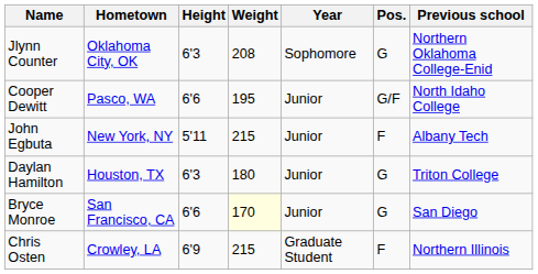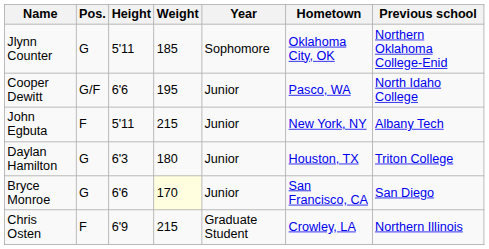 <table class="wikitable sortable" border="1">
 <tr align=center>
 <th>Name</th>
-<th>Hometown</th>
+<th>Pos.</th>
 <th>Height</th>
 <th>Weight</th>
 <th>Year</th>
-<th>Pos.</th>
+<th>Hometown</th>
 <th>Previous school</th>
 </tr>
 <tr>
 <td>Jlynn Counter</td>
+<td>G</td>
+<td>5'11</td>
+<td>185</td>
+<td>Sophomore</td>
 <td><a href='#'>Oklahoma City, OK</a></td>
-<td>6'3</td>
-<td>208</td>
-<td>Sophomore</td>
-<td>G</td>
 <td><a href='#'>Northern Oklahoma College-Enid</a></td>
 </tr>
 <tr>
 <td>Cooper Dewitt</td>
-<td><a href='#'>Pasco, WA</a></td>
+<td>G/F</td>
 <td>6'6</td>
 <td>195</td>
 <td>Junior</td>
-<td>G/F</td>
+<td><a href='#'>Pasco, WA</a></td>
 <td><a href='#'>North Idaho College</a></td>
 </tr>
 <tr>
 <td>John Egbuta</td>
-<td><a href='#'>New York, NY</a></td>
+<td>F</td>
 <td>5'11</td>
 <td>215</td>
 <td>Junior</td>
-<td>F</td>
+<td><a href='#'>New York, NY</a></td>
 <td><a href='#'>Albany Tech</a></td>
 </tr>
 <tr>
 <td>Daylan Hamilton</td>
-<td><a href='#'>Houston, TX</a></td>
+<td>G</td>
 <td>6'3</td>
 <td>180</td>
 <td>Junior</td>
-<td>G</td>
+<td><a href='#'>Houston, TX</a></td>
 <td><a href='#'>Triton College</a></td>
 </tr>
 <tr>
 <td>Bryce Monroe</td>
-<td><a href='#'>San Francisco, CA</a></td>
+<td>G</td>
 <td>6'6</td>
 <td style="background: lightyellow;">170</td>
 <td>Junior</td>
-<td>G</td>
+<td><a href='#'>San Francisco, CA</a></td>
 <td><a href='#'>San Diego</a></td>
 </tr>
 <tr>
 <td>Chris Osten</td>
-<td><a href='#'>Crowley, LA</a></td>
+<td>F</td>
 <td>6'9</td>
 <td>215</td>
 <td>Graduate Student</td>
-<td>F</td>
+<td><a href='#'>Crowley, LA</a></td>
 <td><a href='#'>Northern Illinois</a></td>
 </tr>
 </table>
